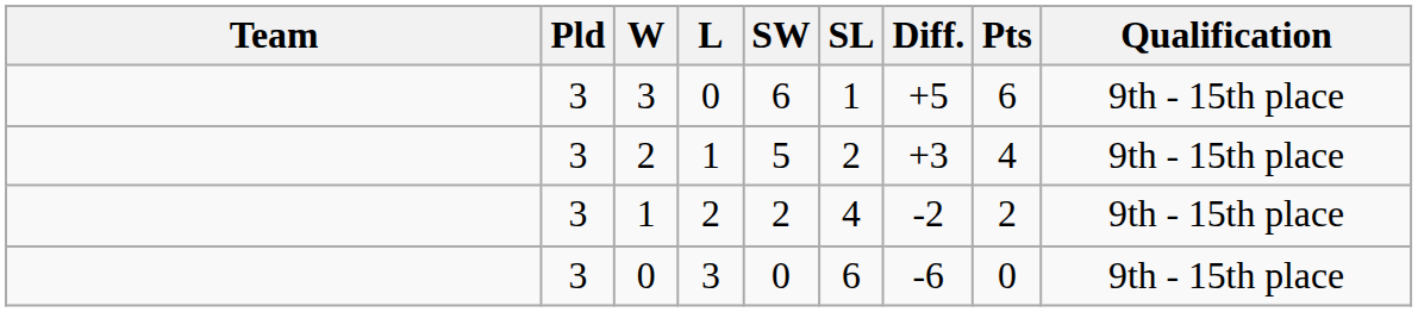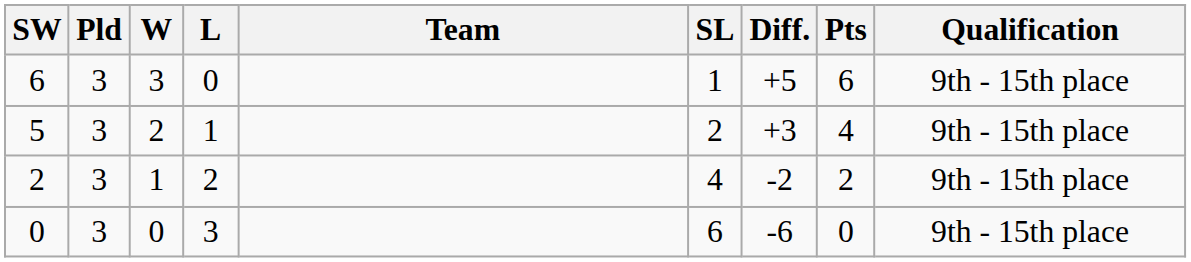 <table class=wikitable style="text-align:center">
 <tr>
-<th width=220>Team</th>
+<th width=20>SW</th>
 <th width=20>Pld</th>
 <th width=20>W</th>
 <th width=20>L</th>
-<th width=20>SW</th>
+<th width=220>Team</th>
 <th width=20>SL</th>
 <th width=20>Diff.</th>
 <th width=20>Pts</th>
 <th width=150>Qualification</th>
 </tr>
 <tr>
-<td align=left></td>
+<td>6</td>
 <td>3</td>
 <td>3</td>
 <td>0</td>
-<td>6</td>
+<td align=left></td>
 <td>1</td>
 <td>+5</td>
 <td>6</td>
 <td>9th - 15th place</td>
 </tr>
 <tr>
-<td align=left></td>
+<td>5</td>
 <td>3</td>
 <td>2</td>
 <td>1</td>
-<td>5</td>
+<td align=left></td>
 <td>2</td>
 <td>+3</td>
 <td>4</td>
 <td>9th - 15th place</td>
 </tr>
 <tr>
-<td align=left></td>
+<td>2</td>
 <td>3</td>
 <td>1</td>
 <td>2</td>
-<td>2</td>
+<td align=left></td>
 <td>4</td>
 <td>-2</td>
 <td>2</td>
 <td>9th - 15th place</td>
 </tr>
 <tr>
-<td align=left></td>
+<td>0</td>
 <td>3</td>
 <td>0</td>
 <td>3</td>
-<td>0</td>
+<td align=left></td>
 <td>6</td>
 <td>-6</td>
 <td>0</td>
 <td>9th - 15th place</td>
 </tr>
 </table>
